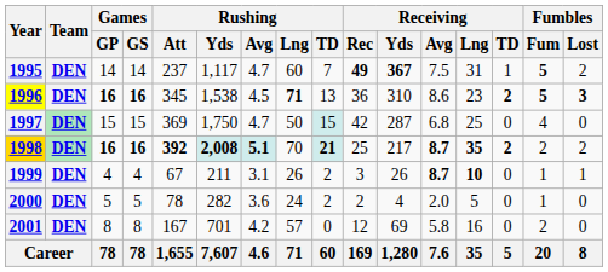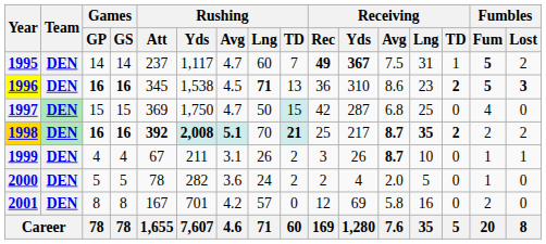 <table class=wikitable style="text-align:center">
 <tr>
 <th rowspan="2">Year</th>
 <th rowspan="2">Team</th>
 <th colspan="2">Games</th>
 <th colspan="5">Rushing</th>
 <th colspan="5">Receiving</th>
 <th colspan="2">Fumbles</th>
 </tr>
 <tr>
 <th>GP</th>
 <th>GS</th>
 <th>Att</th>
 <th>Yds</th>
 <th>Avg</th>
 <th>Lng</th>
 <th>TD</th>
 <th>Rec</th>
 <th>Yds</th>
 <th>Avg</th>
 <th>Lng</th>
 <th>TD</th>
 <th>Fum</th>
 <th>Lost</th>
 </tr>
 <tr>
 <th><a href='#'>1995</a></th>
 <th><a href='#'>DEN</a></th>
 <td>14</td>
 <td>14</td>
 <td>237</td>
 <td>1,117</td>
 <td>4.7</td>
 <td>60</td>
 <td>7</td>
 <td><strong>49</strong></td>
 <td><strong>367</strong></td>
 <td>7.5</td>
 <td>31</td>
 <td>1</td>
 <td><strong>5</strong></td>
 <td>2</td>
 </tr>
 <tr>
 <th style="background:#ffff00;"><a href='#'>1996</a></th>
 <th><a href='#'>DEN</a></th>
 <td><strong>16</strong></td>
 <td><strong>16</strong></td>
 <td>345</td>
 <td>1,538</td>
 <td>4.5</td>
 <td><strong>71</strong></td>
 <td>13</td>
 <td>36</td>
 <td>310</td>
 <td>8.6</td>
 <td>23</td>
 <td><strong>2</strong></td>
 <td><strong>5</strong></td>
 <td><strong>3</strong></td>
 </tr>
 <tr>
 <th><a href='#'>1997</a></th>
 <th style="background:#afe6ba;"><a href='#'>DEN</a></th>
 <td>15</td>
 <td>15</td>
 <td>369</td>
 <td>1,750</td>
 <td>4.7</td>
 <td>50</td>
 <td style="background:#cfecec;">15</td>
 <td>42</td>
 <td>287</td>
 <td>6.8</td>
 <td>25</td>
 <td>0</td>
 <td>4</td>
 <td>0</td>
 </tr>
 <tr>
 <th style="background:#ffd700;"><a href='#'>1998</a></th>
 <th style="background:#afe6ba;"><a href='#'>DEN</a></th>
 <td><strong>16</strong></td>
 <td><strong>16</strong></td>
 <td><strong>392</strong></td>
 <td style="background:#cfecec;"><strong>2,008</strong></td>
 <td style="background:#cfecec;"><strong>5.1</strong></td>
 <td>70</td>
 <td style="background:#cfecec;"><strong>21</strong></td>
 <td>25</td>
 <td>217</td>
 <td><strong>8.7</strong></td>
 <td><strong>35</strong></td>
 <td><strong>2</strong></td>
 <td>2</td>
 <td>2</td>
 </tr>
 <tr>
 <th><a href='#'>1999</a></th>
 <th><a href='#'>DEN</a></th>
 <td>4</td>
 <td>4</td>
 <td>67</td>
 <td>211</td>
 <td>3.1</td>
 <td>26</td>
 <td>2</td>
 <td>3</td>
 <td>26</td>
 <td><strong>8.7</strong></td>
-<td><strong>10</strong></td>
+<td>10</td>
 <td>0</td>
 <td>1</td>
 <td>1</td>
 </tr>
 <tr>
 <th><a href='#'>2000</a></th>
 <th><a href='#'>DEN</a></th>
 <td>5</td>
 <td>5</td>
 <td>78</td>
 <td>282</td>
 <td>3.6</td>
 <td>24</td>
 <td>2</td>
 <td>2</td>
 <td>4</td>
 <td>2.0</td>
 <td>5</td>
 <td>0</td>
 <td>1</td>
 <td>0</td>
 </tr>
 <tr>
 <th><a href='#'>2001</a></th>
 <th><a href='#'>DEN</a></th>
 <td>8</td>
 <td>8</td>
 <td>167</td>
 <td>701</td>
 <td>4.2</td>
 <td>57</td>
 <td>0</td>
 <td>12</td>
 <td>69</td>
 <td>5.8</td>
 <td>16</td>
 <td>0</td>
 <td>2</td>
 <td>0</td>
 </tr>
 <tr>
 <th colspan="2">Career</th>
 <th>78</th>
 <th>78</th>
 <th>1,655</th>
 <th>7,607</th>
 <th>4.6</th>
 <th>71</th>
 <th>60</th>
 <th>169</th>
 <th>1,280</th>
 <th>7.6</th>
 <th>35</th>
 <th>5</th>
 <th>20</th>
 <th>8</th>
 </tr>
 </table>
